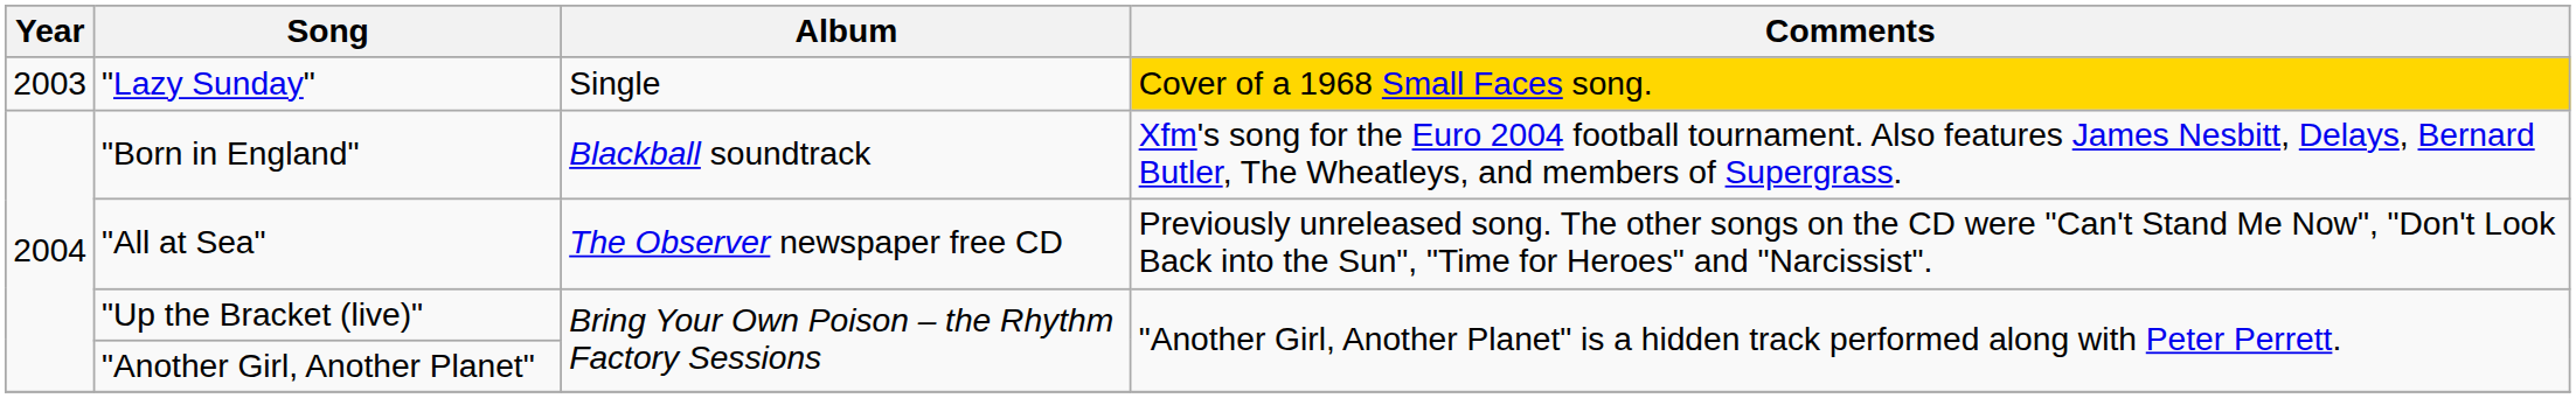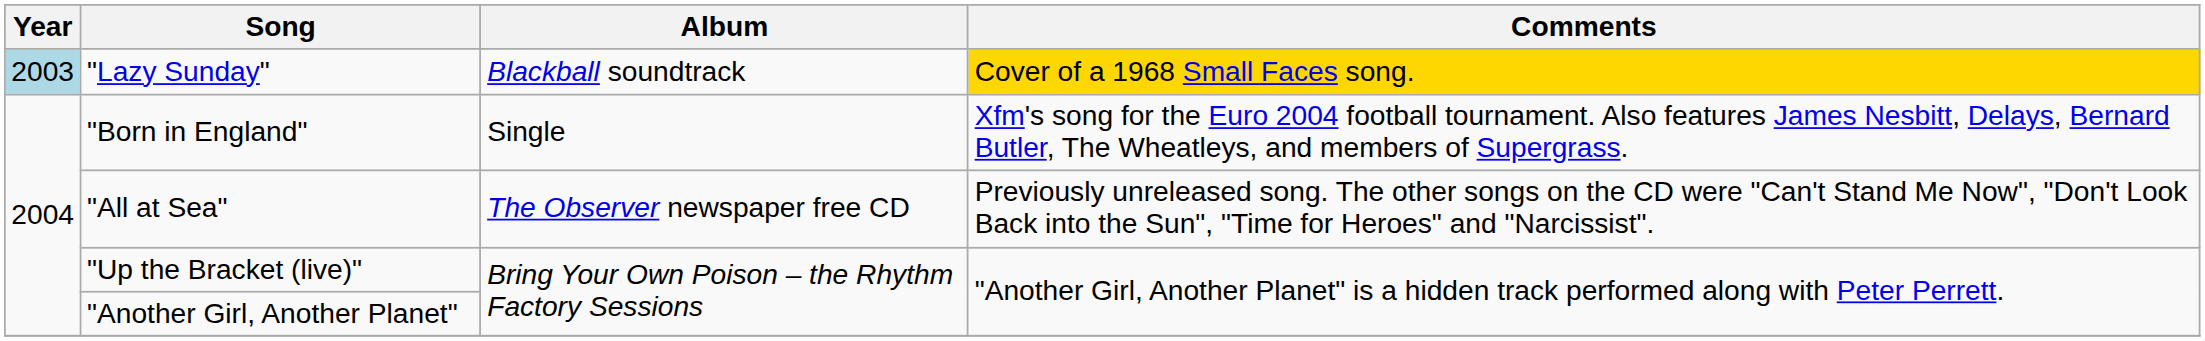 <table class="wikitable">
 <tr>
 <th>Year</th>
 <th width="220">Song</th>
 <th>Album</th>
 <th>Comments</th>
 </tr>
 <tr>
-<td>2003</td>
+<td style="background: lightblue;">2003</td>
 <td>"<a href='#'>Lazy Sunday</a>"</td>
-<td>Single</td>
+<td><em><a href='#'>Blackball</a></em> soundtrack</td>
 <td style="background: gold;">Cover of a 1968 <a href='#'>Small Faces</a> song.</td>
 </tr>
 <tr>
 <td rowspan="4">2004</td>
 <td>"Born in England"</td>
-<td><em><a href='#'>Blackball</a></em> soundtrack</td>
+<td>Single</td>
 <td><a href='#'>Xfm</a>'s song for the <a href='#'>Euro 2004</a> football tournament. Also features <a href='#'>James Nesbitt</a>, <a href='#'>Delays</a>, <a href='#'>Bernard Butler</a>, The Wheatleys, and members of <a href='#'>Supergrass</a>.</td>
 </tr>
 <tr>
 <td>"All at Sea"</td>
 <td><em><a href='#'>The Observer</a></em> newspaper free CD</td>
 <td>Previously unreleased song. The other songs on the CD were "Can't Stand Me Now", "Don't Look Back into the Sun", "Time for Heroes" and "Narcissist".</td>
 </tr>
 <tr>
 <td>"Up the Bracket (live)"</td>
 <td rowspan="2"><em>Bring Your Own Poison – the Rhythm Factory Sessions</em></td>
 <td rowspan="2">"Another Girl, Another Planet" is a hidden track performed along with <a href='#'>Peter Perrett</a>.</td>
 </tr>
 <tr>
 <td>"Another Girl, Another Planet"</td>
 </tr>
 <tr>
 </tr>
 </table>
